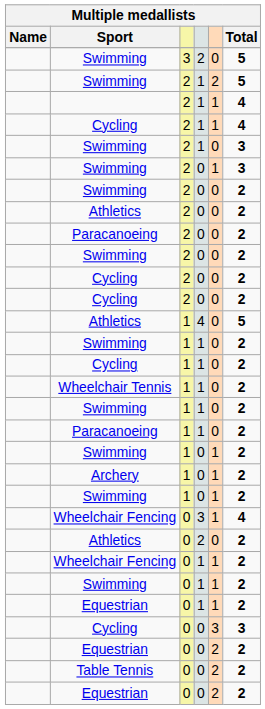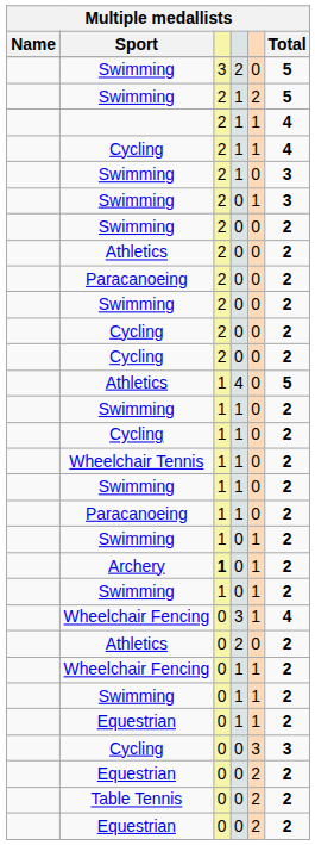 <table class=wikitable style=font-size:85%;text-align:center;float:right>
 <tr style="background:#efefef;">
 <th colspan=7>Multiple medallists</th>
 </tr>
 <tr>
 <th>Name</th>
 <th>Sport</th>
 <td bgcolor=F7F6A8></td>
 <td bgcolor=DCE5E5></td>
 <td bgcolor=FFDAB9></td>
 <th>Total</th>
 </tr>
 <tr>
 </tr>
 <tr aligncenter>
 <td align=left></td>
 <td><a href='#'>Swimming</a></td>
 <td style="background:#F7F6A8;">3</td>
 <td style="background:#DCE5E5;">2</td>
 <td style="background:#FFDAB9;">0</td>
 <td><strong>5</strong></td>
 </tr>
 <tr aligncenter>
 <td align=left></td>
 <td><a href='#'>Swimming</a></td>
 <td style="background:#F7F6A8;">2</td>
 <td style="background:#DCE5E5;">1</td>
 <td style="background:#FFDAB9;">2</td>
 <td><strong>5</strong></td>
 </tr>
 <tr aligncenter>
 <td align=left></td>
 <td></td>
 <td style="background:#F7F6A8;">2</td>
 <td style="background:#DCE5E5;">1</td>
 <td style="background:#FFDAB9;">1</td>
 <td><strong>4</strong></td>
 </tr>
 <tr aligncenter>
 <td align=left></td>
 <td><a href='#'>Cycling</a></td>
 <td style="background:#F7F6A8;">2</td>
 <td style="background:#DCE5E5;">1</td>
 <td style="background:#FFDAB9;">1</td>
 <td><strong>4</strong></td>
 </tr>
 <tr aligncenter>
 <td align=left></td>
 <td><a href='#'>Swimming</a></td>
 <td style="background:#F7F6A8;">2</td>
 <td style="background:#DCE5E5;">1</td>
 <td style="background:#FFDAB9;">0</td>
 <td><strong>3</strong></td>
 </tr>
 <tr aligncenter>
 <td align=left></td>
 <td><a href='#'>Swimming</a></td>
 <td style="background:#F7F6A8;">2</td>
 <td style="background:#DCE5E5;">0</td>
 <td style="background:#FFDAB9;">1</td>
 <td><strong>3</strong></td>
 </tr>
 <tr aligncenter>
 <td align=left></td>
 <td><a href='#'>Swimming</a></td>
 <td style="background:#F7F6A8;">2</td>
 <td style="background:#DCE5E5;">0</td>
 <td style="background:#FFDAB9;">0</td>
 <td><strong>2</strong></td>
 </tr>
 <tr aligncenter>
 <td align=left></td>
 <td><a href='#'>Athletics</a></td>
 <td style="background:#F7F6A8;">2</td>
 <td style="background:#DCE5E5;">0</td>
 <td style="background:#FFDAB9;">0</td>
 <td><strong>2</strong></td>
 </tr>
 <tr aligncenter>
 <td align=left></td>
 <td><a href='#'>Paracanoeing</a></td>
 <td style="background:#F7F6A8;">2</td>
 <td style="background:#DCE5E5;">0</td>
 <td style="background:#FFDAB9;">0</td>
 <td><strong>2</strong></td>
 </tr>
 <tr aligncenter>
 <td align=left></td>
 <td><a href='#'>Swimming</a></td>
 <td style="background:#F7F6A8;">2</td>
 <td style="background:#DCE5E5;">0</td>
 <td style="background:#FFDAB9;">0</td>
 <td><strong>2</strong></td>
 </tr>
 <tr aligncenter>
 <td align=left></td>
 <td><a href='#'>Cycling</a></td>
 <td style="background:#F7F6A8;">2</td>
 <td style="background:#DCE5E5;">0</td>
 <td style="background:#FFDAB9;">0</td>
 <td><strong>2</strong></td>
 </tr>
 <tr aligncenter>
 <td align=left></td>
 <td><a href='#'>Cycling</a></td>
 <td style="background:#F7F6A8;">2</td>
 <td style="background:#DCE5E5;">0</td>
 <td style="background:#FFDAB9;">0</td>
 <td><strong>2</strong></td>
 </tr>
 <tr aligncenter>
 <td align=left></td>
 <td><a href='#'>Athletics</a></td>
 <td style="background:#F7F6A8;">1</td>
 <td style="background:#DCE5E5;">4</td>
 <td style="background:#FFDAB9;">0</td>
 <td><strong>5</strong></td>
 </tr>
 <tr aligncenter>
 <td align=left></td>
 <td><a href='#'>Swimming</a></td>
 <td style="background:#F7F6A8;">1</td>
 <td style="background:#DCE5E5;">1</td>
 <td style="background:#FFDAB9;">0</td>
 <td><strong>2</strong></td>
 </tr>
 <tr aligncenter>
 <td align=left></td>
 <td><a href='#'>Cycling</a></td>
 <td style="background:#F7F6A8;">1</td>
 <td style="background:#DCE5E5;">1</td>
 <td style="background:#FFDAB9;">0</td>
 <td><strong>2</strong></td>
 </tr>
 <tr aligncenter>
 <td align=left></td>
 <td><a href='#'>Wheelchair Tennis</a></td>
 <td style="background:#F7F6A8;">1</td>
 <td style="background:#DCE5E5;">1</td>
 <td style="background:#FFDAB9;">0</td>
 <td><strong>2</strong></td>
 </tr>
 <tr aligncenter>
 <td align=left></td>
 <td><a href='#'>Swimming</a></td>
 <td style="background:#F7F6A8;">1</td>
 <td style="background:#DCE5E5;">1</td>
 <td style="background:#FFDAB9;">0</td>
 <td><strong>2</strong></td>
 </tr>
 <tr aligncenter>
 <td align=left></td>
 <td><a href='#'>Paracanoeing</a></td>
 <td style="background:#F7F6A8;">1</td>
 <td style="background:#DCE5E5;">1</td>
 <td style="background:#FFDAB9;">0</td>
 <td><strong>2</strong></td>
 </tr>
 <tr aligncenter>
 <td align=left></td>
 <td><a href='#'>Swimming</a></td>
 <td style="background:#F7F6A8;">1</td>
 <td style="background:#DCE5E5;">0</td>
 <td style="background:#FFDAB9;">1</td>
 <td><strong>2</strong></td>
 </tr>
 <tr aligncenter>
 <td align=left></td>
 <td><a href='#'>Archery</a></td>
-<td style="background:#F7F6A8;">1</td>
+<td style="background:#F7F6A8;"><strong>1</strong></td>
 <td style="background:#DCE5E5;">0</td>
 <td style="background:#FFDAB9;">1</td>
 <td><strong>2</strong></td>
 </tr>
 <tr aligncenter>
 <td align=left></td>
 <td><a href='#'>Swimming</a></td>
 <td style="background:#F7F6A8;">1</td>
 <td style="background:#DCE5E5;">0</td>
 <td style="background:#FFDAB9;">1</td>
 <td><strong>2</strong></td>
 </tr>
 <tr aligncenter>
 <td align=left></td>
 <td><a href='#'>Wheelchair Fencing</a></td>
 <td style="background:#F7F6A8;">0</td>
 <td style="background:#DCE5E5;">3</td>
 <td style="background:#FFDAB9;">1</td>
 <td><strong>4</strong></td>
 </tr>
 <tr aligncenter>
 <td align=left></td>
 <td><a href='#'>Athletics</a></td>
 <td style="background:#F7F6A8;">0</td>
 <td style="background:#DCE5E5;">2</td>
 <td style="background:#FFDAB9;">0</td>
 <td><strong>2</strong></td>
 </tr>
 <tr aligncenter>
 <td align=left></td>
 <td><a href='#'>Wheelchair Fencing</a></td>
 <td style="background:#F7F6A8;">0</td>
 <td style="background:#DCE5E5;">1</td>
 <td style="background:#FFDAB9;">1</td>
 <td><strong>2</strong></td>
 </tr>
 <tr aligncenter>
 <td align=left></td>
 <td><a href='#'>Swimming</a></td>
 <td style="background:#F7F6A8;">0</td>
 <td style="background:#DCE5E5;">1</td>
 <td style="background:#FFDAB9;">1</td>
 <td><strong>2</strong></td>
 </tr>
 <tr aligncenter>
 <td align=left></td>
 <td><a href='#'>Equestrian</a></td>
 <td style="background:#F7F6A8;">0</td>
 <td style="background:#DCE5E5;">1</td>
 <td style="background:#FFDAB9;">1</td>
 <td><strong>2</strong></td>
 </tr>
 <tr aligncenter>
 <td align=left></td>
 <td><a href='#'>Cycling</a></td>
 <td style="background:#F7F6A8;">0</td>
 <td style="background:#DCE5E5;">0</td>
 <td style="background:#FFDAB9;">3</td>
 <td><strong>3</strong></td>
 </tr>
 <tr aligncenter>
 <td align=left></td>
 <td><a href='#'>Equestrian</a></td>
 <td style="background:#F7F6A8;">0</td>
 <td style="background:#DCE5E5;">0</td>
 <td style="background:#FFDAB9;">2</td>
 <td><strong>2</strong></td>
 </tr>
 <tr aligncenter>
 <td align=left></td>
 <td><a href='#'>Table Tennis</a></td>
 <td style="background:#F7F6A8;">0</td>
 <td style="background:#DCE5E5;">0</td>
 <td style="background:#FFDAB9;">2</td>
 <td><strong>2</strong></td>
 </tr>
 <tr aligncenter>
 <td align=left></td>
 <td><a href='#'>Equestrian</a></td>
 <td style="background:#F7F6A8;">0</td>
 <td style="background:#DCE5E5;">0</td>
 <td style="background:#FFDAB9;">2</td>
 <td><strong>2</strong></td>
 </tr>
 </table>
